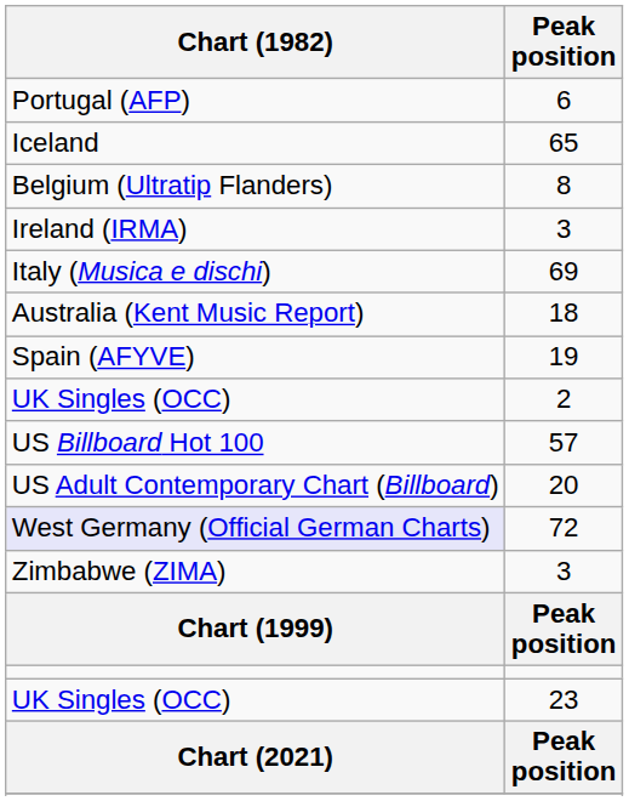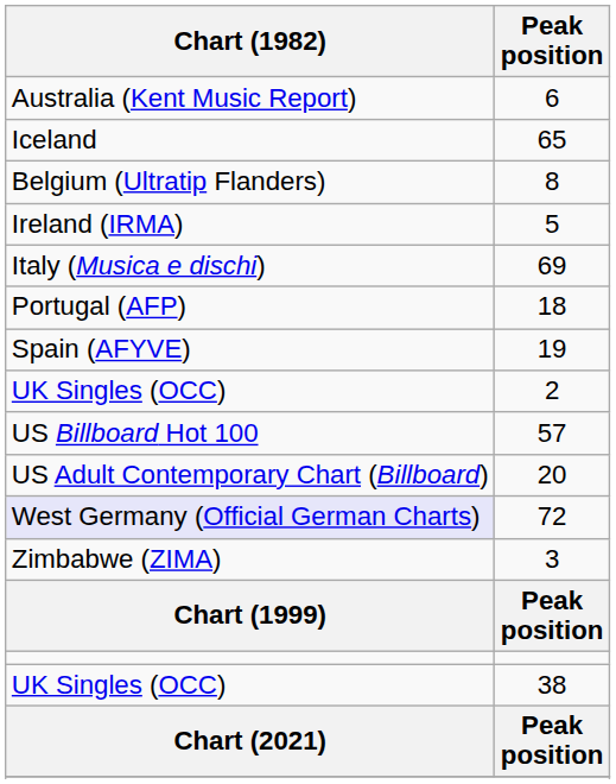 <table class="wikitable sortable plainrowheaders">
 <tr>
 <th>Chart (1982)</th>
 <th>Peak <br>position</th>
 </tr>
 <tr>
-<td>Portugal (<a href='#'>AFP</a>)</td>
+<td>Australia (<a href='#'>Kent Music Report</a>)</td>
 <td align="center">6</td>
 </tr>
 <tr>
 <td>Iceland</td>
 <td align="center">65</td>
 </tr>
 <tr>
 <td>Belgium (<a href='#'>Ultratip</a> Flanders)</td>
 <td align="center">8</td>
 </tr>
 <tr>
 <td>Ireland (<a href='#'>IRMA</a>)</td>
-<td align="center">3</td>
+<td align="center">5</td>
 </tr>
 <tr>
 <td>Italy (<em><a href='#'>Musica e dischi</a></em>)</td>
 <td align="center">69</td>
 </tr>
 <tr>
-<td>Australia (<a href='#'>Kent Music Report</a>)</td>
+<td>Portugal (<a href='#'>AFP</a>)</td>
 <td align="center">18</td>
 </tr>
 <tr>
 <td>Spain (<a href='#'>AFYVE</a>)</td>
 <td align="center">19</td>
 </tr>
 <tr>
 <td><a href='#'>UK Singles</a> (<a href='#'>OCC</a>)</td>
 <td align="center">2</td>
 </tr>
 <tr>
 <td>US <a href='#'><em>Billboard</em> Hot 100</a></td>
 <td align="center">57</td>
 </tr>
 <tr>
 <td>US <a href='#'>Adult Contemporary Chart</a> (<em><a href='#'>Billboard</a></em>)</td>
 <td align="center">20</td>
 </tr>
 <tr>
 <td style="background: lavender;">West Germany (<a href='#'>Official German Charts</a>)</td>
 <td align="center">72</td>
 </tr>
 <tr>
 <td>Zimbabwe (<a href='#'>ZIMA</a>)</td>
 <td align="center">3</td>
 </tr>
 <tr>
 <th>Chart (1999)</th>
 <th>Peak <br>position</th>
 </tr>
 <tr>
 <td></td>
 </tr>
 <tr>
 <td><a href='#'>UK Singles</a> (<a href='#'>OCC</a>)</td>
-<td align="center">23</td>
+<td align="center">38</td>
 </tr>
 <tr>
 <th>Chart (2021)</th>
 <th>Peak <br>position</th>
 </tr>
 <tr>
 </tr>
 <tr>
 </tr>
 </table>
